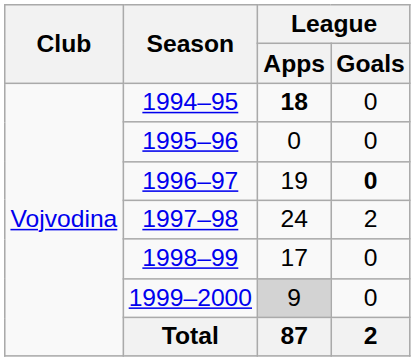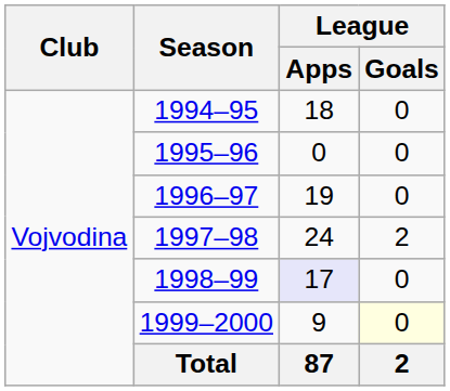 <table class="wikitable" style="text-align:center">
 <tr>
 <th rowspan="2">Club</th>
 <th rowspan="2">Season</th>
 <th colspan="2">League</th>
 </tr>
 <tr>
 <th>Apps</th>
 <th>Goals</th>
 </tr>
 <tr>
 <td rowspan="7"><a href='#'>Vojvodina</a></td>
 <td><a href='#'>1994–95</a></td>
-<td><strong>18</strong></td>
+<td>18</td>
 <td>0</td>
 </tr>
 <tr>
 <td><a href='#'>1995–96</a></td>
 <td>0</td>
 <td>0</td>
 </tr>
 <tr>
 <td><a href='#'>1996–97</a></td>
 <td>19</td>
-<td><strong>0</strong></td>
+<td>0</td>
 </tr>
 <tr>
 <td><a href='#'>1997–98</a></td>
 <td>24</td>
 <td>2</td>
 </tr>
 <tr>
 <td><a href='#'>1998–99</a></td>
-<td>17</td>
+<td style="background: lavender;">17</td>
 <td>0</td>
 </tr>
 <tr>
 <td><a href='#'>1999–2000</a></td>
-<td style="background: lightgrey;">9</td>
-<td>0</td>
+<td>9</td>
+<td style="background: lightyellow;">0</td>
 </tr>
 <tr>
 <th>Total</th>
 <th>87</th>
 <th>2</th>
 </tr>
 </table>
